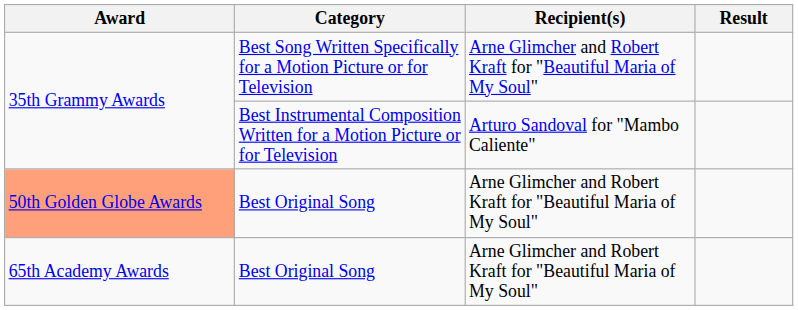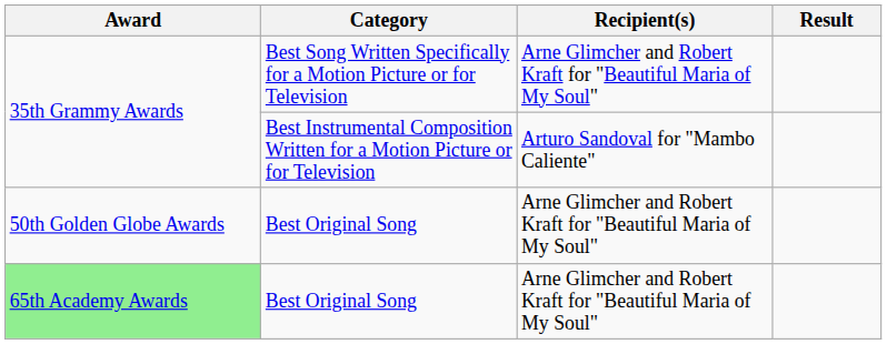 <table class="wikitable">
 <tr>
 <th width="200">Award</th>
 <th width="200">Category</th>
 <th width="200">Recipient(s)</th>
 <th width="80">Result</th>
 </tr>
 <tr>
 <td rowspan="2"><a href='#'>35th Grammy Awards</a></td>
 <td><a href='#'>Best Song Written Specifically for a Motion Picture or for Television</a></td>
 <td><a href='#'>Arne Glimcher</a> and <a href='#'>Robert Kraft</a> for "<a href='#'>Beautiful Maria of My Soul</a>"</td>
 <td></td>
 </tr>
 <tr>
 <td><a href='#'>Best Instrumental Composition Written for a Motion Picture or for Television</a></td>
 <td><a href='#'>Arturo Sandoval</a> for "Mambo Caliente"</td>
 <td></td>
 </tr>
 <tr>
-<td style="background: lightsalmon;"><a href='#'>50th Golden Globe Awards</a></td>
+<td><a href='#'>50th Golden Globe Awards</a></td>
 <td><a href='#'>Best Original Song</a></td>
 <td>Arne Glimcher and Robert Kraft for "Beautiful Maria of My Soul"</td>
 <td></td>
 </tr>
 <tr>
-<td><a href='#'>65th Academy Awards</a></td>
+<td style="background: lightgreen;"><a href='#'>65th Academy Awards</a></td>
 <td><a href='#'>Best Original Song</a></td>
 <td>Arne Glimcher and Robert Kraft for "Beautiful Maria of My Soul"</td>
 <td></td>
 </tr>
 </table>
